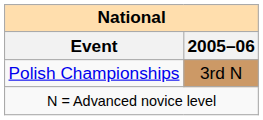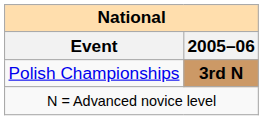 <table class="wikitable" style="text-align:center">
 <tr>
 <th style="background-color: #ffdead; " colspan=2 align=center>National</th>
 </tr>
 <tr>
 <th>Event</th>
 <th>2005–06</th>
 </tr>
 <tr>
 <td align=left><a href='#'>Polish Championships</a></td>
-<td bgcolor=cc9966>3rd N</td>
+<td bgcolor=cc9966><strong>3rd N</strong></td>
 </tr>
 <tr>
 <td colspan=2 align=center><small> N = Advanced novice level </small></td>
 </tr>
 </table>
